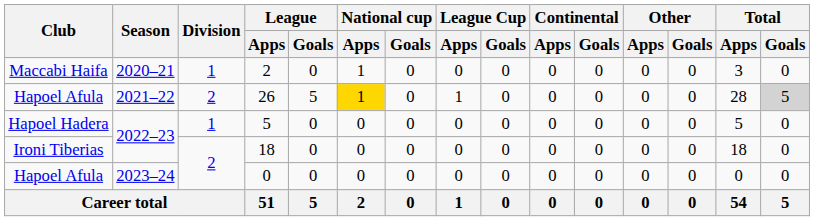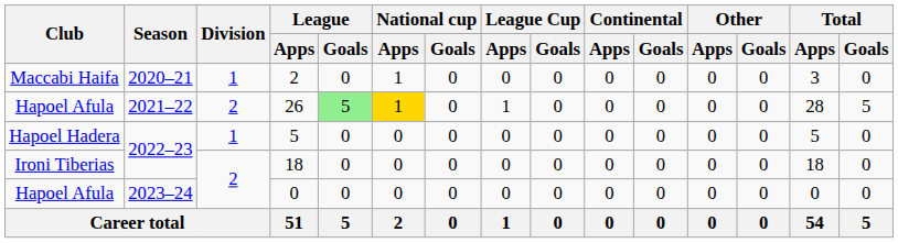 <table class="wikitable" style="text-align: center;">
 <tr>
 <th rowspan="2">Club</th>
 <th rowspan="2">Season</th>
 <th rowspan="2">Division</th>
 <th colspan="2">League</th>
 <th colspan="2">National cup</th>
 <th colspan="2">League Cup</th>
 <th colspan="2">Continental</th>
 <th colspan="2">Other</th>
 <th colspan="2">Total</th>
 </tr>
 <tr>
 <th>Apps</th>
 <th>Goals</th>
 <th>Apps</th>
 <th>Goals</th>
 <th>Apps</th>
 <th>Goals</th>
 <th>Apps</th>
 <th>Goals</th>
 <th>Apps</th>
 <th>Goals</th>
 <th>Apps</th>
 <th>Goals</th>
 </tr>
 <tr>
 <td><a href='#'>Maccabi Haifa</a></td>
 <td><a href='#'>2020–21</a></td>
 <td><a href='#'>1</a></td>
 <td>2</td>
 <td>0</td>
 <td>1</td>
 <td>0</td>
 <td>0</td>
 <td>0</td>
 <td>0</td>
 <td>0</td>
 <td>0</td>
 <td>0</td>
 <td>3</td>
 <td>0</td>
 </tr>
 <tr>
 <td><a href='#'>Hapoel Afula</a></td>
 <td><a href='#'>2021–22</a></td>
 <td><a href='#'>2</a></td>
 <td>26</td>
-<td>5</td>
+<td style="background: lightgreen;">5</td>
 <td style="background: gold;">1</td>
 <td>0</td>
 <td>1</td>
 <td>0</td>
 <td>0</td>
 <td>0</td>
 <td>0</td>
 <td>0</td>
 <td>28</td>
-<td style="background: lightgrey;">5</td>
+<td>5</td>
 </tr>
 <tr>
 <td><a href='#'>Hapoel Hadera</a></td>
 <td rowspan="2"><a href='#'>2022–23</a></td>
 <td><a href='#'>1</a></td>
 <td>5</td>
 <td>0</td>
 <td>0</td>
 <td>0</td>
 <td>0</td>
 <td>0</td>
 <td>0</td>
 <td>0</td>
 <td>0</td>
 <td>0</td>
 <td>5</td>
 <td>0</td>
 </tr>
 <tr>
 <td><a href='#'>Ironi Tiberias</a></td>
 <td rowspan="2"><a href='#'>2</a></td>
 <td>18</td>
 <td>0</td>
 <td>0</td>
 <td>0</td>
 <td>0</td>
 <td>0</td>
 <td>0</td>
 <td>0</td>
 <td>0</td>
 <td>0</td>
 <td>18</td>
 <td>0</td>
 </tr>
 <tr>
 <td><a href='#'>Hapoel Afula</a></td>
 <td><a href='#'>2023–24</a></td>
 <td>0</td>
 <td>0</td>
 <td>0</td>
 <td>0</td>
 <td>0</td>
 <td>0</td>
 <td>0</td>
 <td>0</td>
 <td>0</td>
 <td>0</td>
 <td>0</td>
 <td>0</td>
 </tr>
 <tr>
 <th colspan="3">Career total</th>
 <th>51</th>
 <th>5</th>
 <th>2</th>
 <th>0</th>
 <th>1</th>
 <th>0</th>
 <th>0</th>
 <th>0</th>
 <th>0</th>
 <th>0</th>
 <th>54</th>
 <th>5</th>
 </tr>
 </table>
